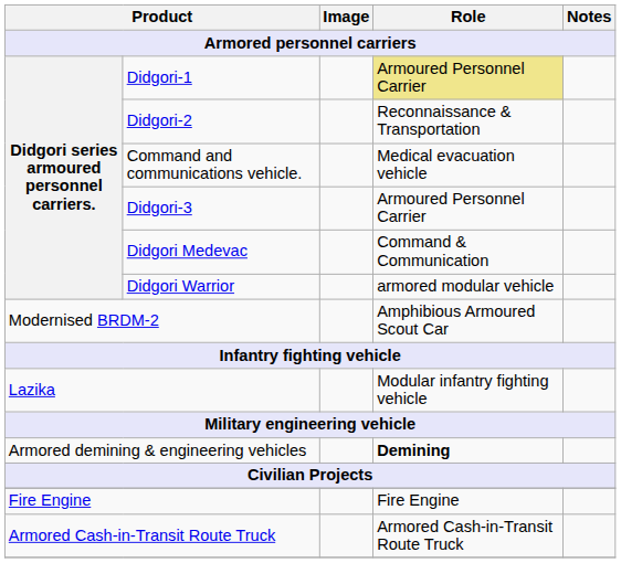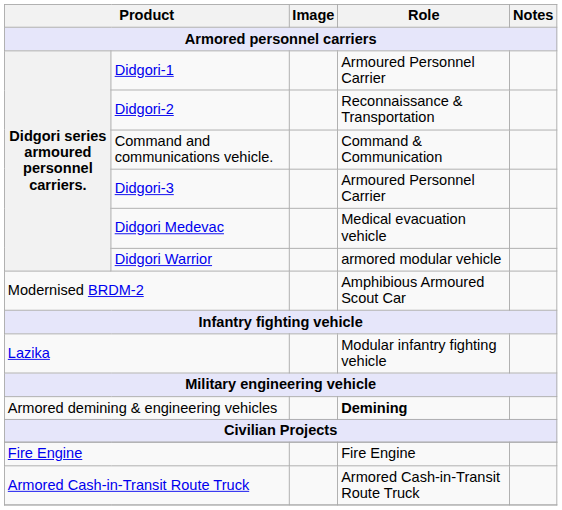 <table class="wikitable">
 <tr>
 <th style="text-align: center;" colspan="2">Product</th>
 <th style="text-align: center;">Image</th>
 <th style="text-align: center;">Role</th>
 <th style="text-align: center;">Notes</th>
 </tr>
 <tr>
 <th style="align: center; background: lavender;" colspan="5">Armored personnel carriers</th>
 </tr>
 <tr>
 <th rowspan="6">Didgori series<br>armoured personnel<br>carriers.</th>
 <td><a href='#'>Didgori-1</a></td>
 <td></td>
-<td style="background: khaki;">Armoured Personnel Carrier</td>
+<td>Armoured Personnel Carrier</td>
 <td></td>
 </tr>
 <tr>
 <td><a href='#'>Didgori-2</a></td>
 <td></td>
 <td>Reconnaissance & Transportation</td>
 <td></td>
 </tr>
 <tr>
 <td>Command and communications vehicle.</td>
 <td></td>
-<td>Medical evacuation vehicle</td>
+<td>Command & Communication</td>
 <td></td>
 </tr>
 <tr>
 <td><a href='#'>Didgori-3</a></td>
 <td></td>
 <td>Armoured Personnel Carrier</td>
 <td></td>
 </tr>
 <tr>
 <td><a href='#'>Didgori Medevac</a></td>
 <td></td>
-<td>Command & Communication</td>
+<td>Medical evacuation vehicle</td>
 <td></td>
 </tr>
 <tr>
 <td><a href='#'>Didgori Warrior</a></td>
 <td></td>
 <td>armored modular vehicle</td>
 <td></td>
 </tr>
 <tr>
 <td colspan="2">Modernised <a href='#'>BRDM-2</a></td>
 <td></td>
 <td>Amphibious Armoured Scout Car</td>
 <td></td>
 </tr>
 <tr>
 <th style="align: center; background: lavender;" colspan="5">Infantry fighting vehicle</th>
 </tr>
 <tr>
 <td colspan="2"><a href='#'>Lazika</a></td>
 <td></td>
 <td>Modular infantry fighting vehicle</td>
 <td></td>
 </tr>
 <tr>
 <th style="align: center; background: lavender;" colspan="5">Military engineering vehicle</th>
 </tr>
 <tr>
 <td colspan="2">Armored demining & engineering vehicles</td>
 <td></td>
 <td><strong>Demining</strong></td>
 <td></td>
 </tr>
 <tr>
 <th style="align: center; background: lavender;" colspan="5">Civilian Projects</th>
 </tr>
 <tr>
 </tr>
 <tr>
 <td colspan="2"><a href='#'>Fire Engine</a></td>
 <td></td>
 <td>Fire Engine</td>
 <td></td>
 </tr>
 <tr>
 <td colspan="2"><a href='#'>Armored Cash-in-Transit Route Truck</a></td>
 <td></td>
 <td>Armored Cash-in-Transit Route Truck</td>
 <td></td>
 </tr>
 <tr>
 </tr>
 </table>
